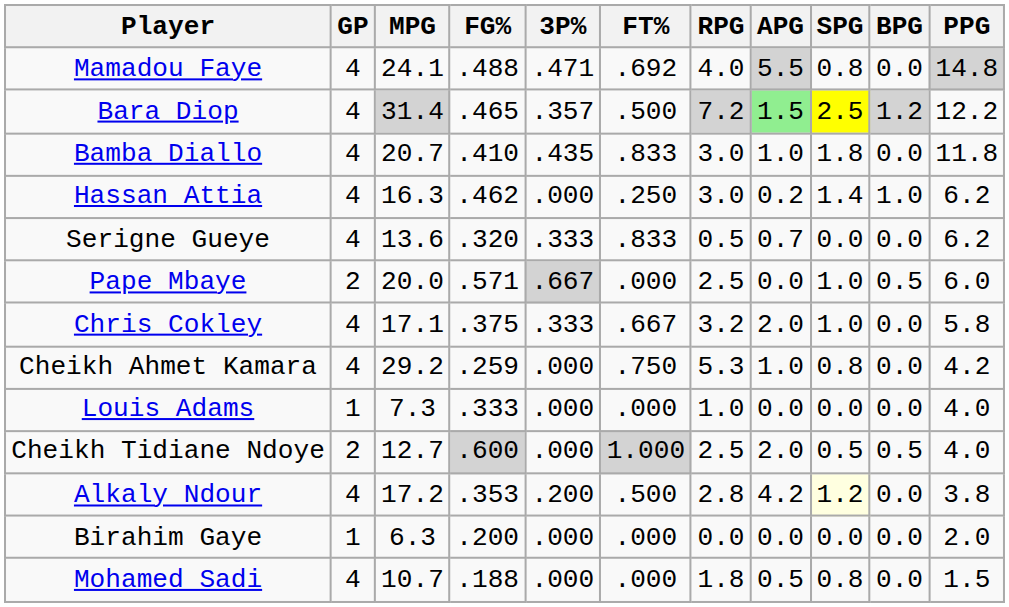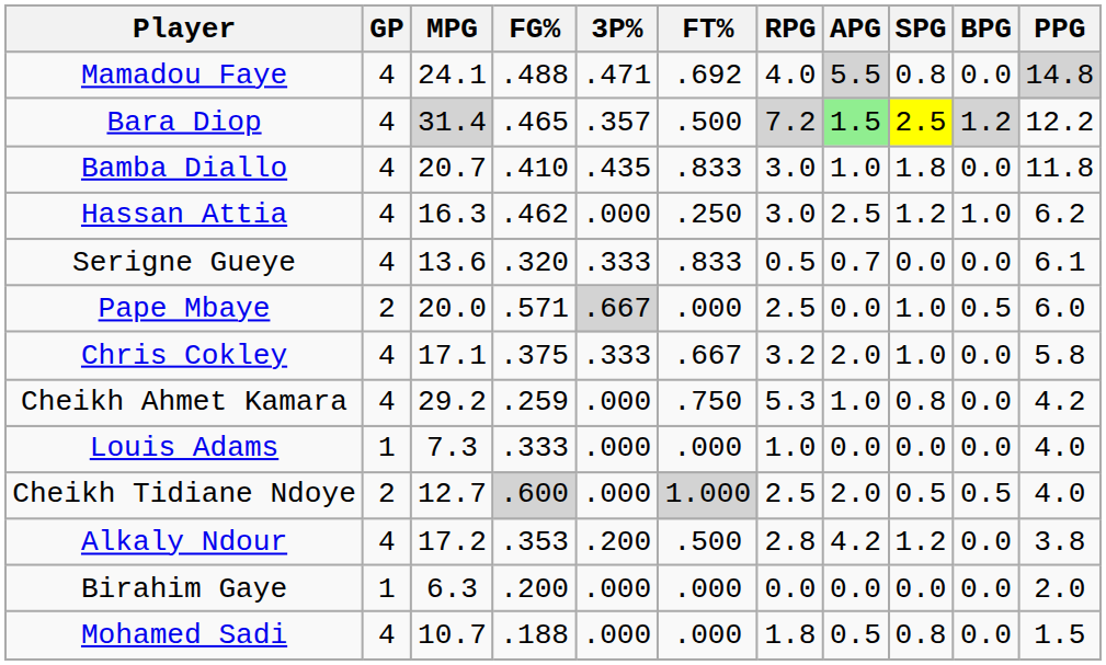 <table class="wikitable sortable" style="text-align:center;">
 <tr>
 <th>Player</th>
 <th>GP</th>
 <th>MPG</th>
 <th>FG%</th>
 <th>3P%</th>
 <th>FT%</th>
 <th>RPG</th>
 <th>APG</th>
 <th>SPG</th>
 <th>BPG</th>
 <th>PPG</th>
 </tr>
 <tr>
 <td><a href='#'>Mamadou Faye</a></td>
 <td>4</td>
 <td>24.1</td>
 <td>.488</td>
 <td>.471</td>
 <td>.692</td>
 <td>4.0</td>
 <td style="background:#D3D3D3;">5.5</td>
 <td>0.8</td>
 <td>0.0</td>
 <td style="background:#D3D3D3;">14.8</td>
 </tr>
 <tr>
 <td><a href='#'>Bara Diop</a></td>
 <td>4</td>
 <td style="background:#D3D3D3;">31.4</td>
 <td>.465</td>
 <td>.357</td>
 <td>.500</td>
 <td style="background:#D3D3D3;">7.2</td>
 <td style="background: lightgreen;">1.5</td>
 <td style="background:yellow;">2.5</td>
 <td style="background:#D3D3D3;">1.2</td>
 <td>12.2</td>
 </tr>
 <tr>
 <td><a href='#'>Bamba Diallo</a></td>
 <td>4</td>
 <td>20.7</td>
 <td>.410</td>
 <td>.435</td>
 <td>.833</td>
 <td>3.0</td>
 <td>1.0</td>
 <td>1.8</td>
 <td>0.0</td>
 <td>11.8</td>
 </tr>
 <tr>
 <td><a href='#'>Hassan Attia</a></td>
 <td>4</td>
 <td>16.3</td>
 <td>.462</td>
 <td>.000</td>
 <td>.250</td>
 <td>3.0</td>
-<td>0.2</td>
-<td>1.4</td>
+<td>2.5</td>
+<td>1.2</td>
 <td>1.0</td>
 <td>6.2</td>
 </tr>
 <tr>
 <td>Serigne Gueye</td>
 <td>4</td>
 <td>13.6</td>
 <td>.320</td>
 <td>.333</td>
 <td>.833</td>
 <td>0.5</td>
 <td>0.7</td>
 <td>0.0</td>
 <td>0.0</td>
-<td>6.2</td>
+<td>6.1</td>
 </tr>
 <tr>
 <td><a href='#'>Pape Mbaye</a></td>
 <td>2</td>
 <td>20.0</td>
 <td>.571</td>
 <td style="background:#D3D3D3;">.667</td>
 <td>.000</td>
 <td>2.5</td>
 <td>0.0</td>
 <td>1.0</td>
 <td>0.5</td>
 <td>6.0</td>
 </tr>
 <tr>
 <td><a href='#'>Chris Cokley</a></td>
 <td>4</td>
 <td>17.1</td>
 <td>.375</td>
 <td>.333</td>
 <td>.667</td>
 <td>3.2</td>
 <td>2.0</td>
 <td>1.0</td>
 <td>0.0</td>
 <td>5.8</td>
 </tr>
 <tr>
 <td>Cheikh Ahmet Kamara</td>
 <td>4</td>
 <td>29.2</td>
 <td>.259</td>
 <td>.000</td>
 <td>.750</td>
 <td>5.3</td>
 <td>1.0</td>
 <td>0.8</td>
 <td>0.0</td>
 <td>4.2</td>
 </tr>
 <tr>
 <td><a href='#'>Louis Adams</a></td>
 <td>1</td>
 <td>7.3</td>
 <td>.333</td>
 <td>.000</td>
 <td>.000</td>
 <td>1.0</td>
 <td>0.0</td>
 <td>0.0</td>
 <td>0.0</td>
 <td>4.0</td>
 </tr>
 <tr>
 <td>Cheikh Tidiane Ndoye</td>
 <td>2</td>
 <td>12.7</td>
 <td style="background:#D3D3D3;">.600</td>
 <td>.000</td>
 <td style="background:#D3D3D3;">1.000</td>
 <td>2.5</td>
 <td>2.0</td>
 <td>0.5</td>
 <td>0.5</td>
 <td>4.0</td>
 </tr>
 <tr>
 <td><a href='#'>Alkaly Ndour</a></td>
 <td>4</td>
 <td>17.2</td>
 <td>.353</td>
 <td>.200</td>
 <td>.500</td>
 <td>2.8</td>
 <td>4.2</td>
-<td style="background: lightyellow;">1.2</td>
+<td>1.2</td>
 <td>0.0</td>
 <td>3.8</td>
 </tr>
 <tr>
 <td>Birahim Gaye</td>
 <td>1</td>
 <td>6.3</td>
 <td>.200</td>
 <td>.000</td>
 <td>.000</td>
 <td>0.0</td>
 <td>0.0</td>
 <td>0.0</td>
 <td>0.0</td>
 <td>2.0</td>
 </tr>
 <tr>
 <td><a href='#'>Mohamed Sadi</a></td>
 <td>4</td>
 <td>10.7</td>
 <td>.188</td>
 <td>.000</td>
 <td>.000</td>
 <td>1.8</td>
 <td>0.5</td>
 <td>0.8</td>
 <td>0.0</td>
 <td>1.5</td>
 </tr>
 </table>
